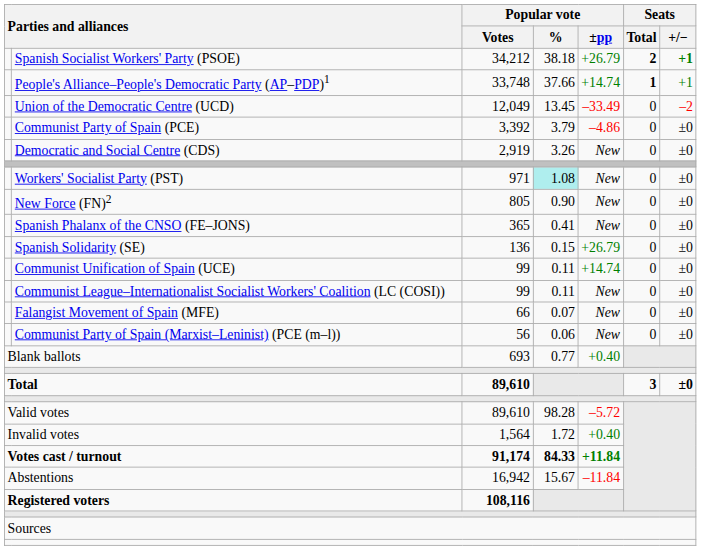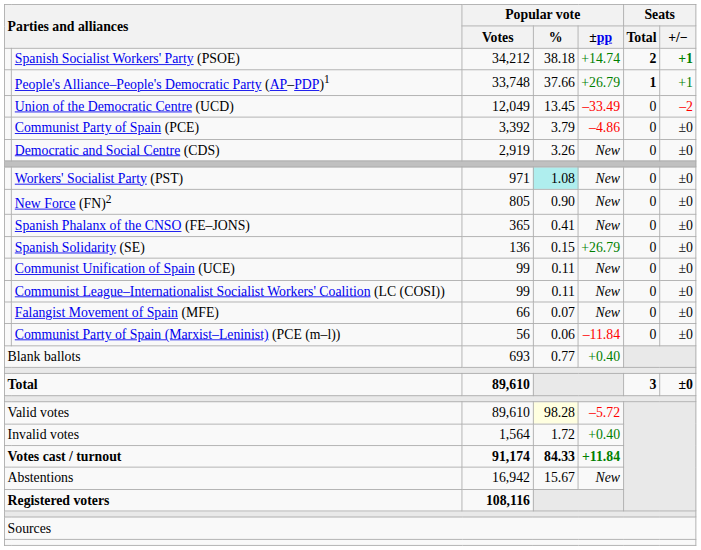 <table class="wikitable" style="text-align:right;">
 <tr>
 <th style="text-align:left;" rowspan="2" colspan="2" width="525">Parties and alliances</th>
 <th colspan="3">Popular vote</th>
 <th colspan="2">Seats</th>
 </tr>
 <tr>
 <th width="75">Votes</th>
 <th width="45">%</th>
 <th width="45">±<a href='#'>pp</a></th>
 <th width="35">Total</th>
 <th width="35">+/−</th>
 </tr>
 <tr>
 <td width="1" style="color:inherit;background:"></td>
 <td align="left"><a href='#'>Spanish Socialist Workers' Party</a> (PSOE)</td>
 <td>34,212</td>
 <td>38.18</td>
-<td style="color:green;">+26.79</td>
+<td style="color:green;">+14.74</td>
 <td><strong>2</strong></td>
 <td style="color:green;"><strong>+1</strong></td>
 </tr>
 <tr>
 <td style="color:inherit;background:"></td>
 <td align="left"><a href='#'>People's Alliance–People's Democratic Party</a> (<a href='#'>AP</a>–<a href='#'>PDP</a>)<sup>1</sup></td>
 <td>33,748</td>
 <td>37.66</td>
-<td style="color:green;">+14.74</td>
+<td style="color:green;">+26.79</td>
 <td><strong>1</strong></td>
 <td style="color:green;">+1</td>
 </tr>
 <tr>
 <td style="color:inherit;background:"></td>
 <td align="left"><a href='#'>Union of the Democratic Centre</a> (UCD)</td>
 <td>12,049</td>
 <td>13.45</td>
 <td style="color:red;">–33.49</td>
 <td>0</td>
 <td style="color:red;">–2</td>
 </tr>
 <tr>
 <td style="color:inherit;background:"></td>
 <td align="left"><a href='#'>Communist Party of Spain</a> (PCE)</td>
 <td>3,392</td>
 <td>3.79</td>
 <td style="color:red;">–4.86</td>
 <td>0</td>
 <td>±0</td>
 </tr>
 <tr>
 <td style="color:inherit;background:"></td>
 <td align="left"><a href='#'>Democratic and Social Centre</a> (CDS)</td>
 <td>2,919</td>
 <td>3.26</td>
 <td><em>New</em></td>
 <td>0</td>
 <td>±0</td>
 </tr>
 <tr>
 <td colspan="7" bgcolor="#C0C0C0"></td>
 </tr>
 <tr>
 <td style="color:inherit;background:"></td>
 <td align="left"><a href='#'>Workers' Socialist Party</a> (PST)</td>
 <td>971</td>
 <td style="background: paleturquoise;">1.08</td>
 <td><em>New</em></td>
 <td>0</td>
 <td>±0</td>
 </tr>
 <tr>
 <td style="color:inherit;background:"></td>
 <td align="left"><a href='#'>New Force</a> (FN)<sup>2</sup></td>
 <td>805</td>
 <td>0.90</td>
 <td><em>New</em></td>
 <td>0</td>
 <td>±0</td>
 </tr>
 <tr>
 <td style="color:inherit;background:"></td>
 <td align="left"><a href='#'>Spanish Phalanx of the CNSO</a> (FE–JONS)</td>
 <td>365</td>
 <td>0.41</td>
 <td><em>New</em></td>
 <td>0</td>
 <td>±0</td>
 </tr>
 <tr>
 <td style="color:inherit;background:"></td>
 <td align="left"><a href='#'>Spanish Solidarity</a> (SE)</td>
 <td>136</td>
 <td>0.15</td>
 <td style="color:green;">+26.79</td>
 <td>0</td>
 <td>±0</td>
 </tr>
 <tr>
 <td style="color:inherit;background:"></td>
 <td align="left"><a href='#'>Communist Unification of Spain</a> (UCE)</td>
 <td>99</td>
 <td>0.11</td>
-<td style="color:green;">+14.74</td>
+<td><em>New</em></td>
 <td>0</td>
 <td>±0</td>
 </tr>
 <tr>
 <td style="color:inherit;background:"></td>
 <td align="left"><a href='#'>Communist League–Internationalist Socialist Workers' Coalition</a> (LC (COSI))</td>
 <td>99</td>
 <td>0.11</td>
 <td><em>New</em></td>
 <td>0</td>
 <td>±0</td>
 </tr>
 <tr>
 <td style="color:inherit;background:"></td>
 <td align="left"><a href='#'>Falangist Movement of Spain</a> (MFE)</td>
 <td>66</td>
 <td>0.07</td>
 <td><em>New</em></td>
 <td>0</td>
 <td>±0</td>
 </tr>
 <tr>
 <td style="color:inherit;background:"></td>
 <td align="left"><a href='#'>Communist Party of Spain (Marxist–Leninist)</a> (PCE (m–l))</td>
 <td>56</td>
 <td>0.06</td>
-<td><em>New</em></td>
+<td style="color:red;">–11.84</td>
 <td>0</td>
 <td>±0</td>
 </tr>
 <tr>
 <td align="left" colspan="2">Blank ballots</td>
 <td>693</td>
 <td>0.77</td>
 <td style="color:green;">+0.40</td>
 <td bgcolor="#E9E9E9" colspan="2"></td>
 </tr>
 <tr>
 <td colspan="7" bgcolor="#E9E9E9"></td>
 </tr>
 <tr style="font-weight:bold;">
 <td align="left" colspan="2">Total</td>
 <td>89,610</td>
 <td bgcolor="#E9E9E9" colspan="2"></td>
 <td>3</td>
 <td>±0</td>
 </tr>
 <tr>
 <td colspan="7" bgcolor="#E9E9E9"></td>
 </tr>
 <tr>
 <td align="left" colspan="2">Valid votes</td>
 <td>89,610</td>
-<td>98.28</td>
+<td style="background: lightyellow;">98.28</td>
 <td style="color:red;">–5.72</td>
 <td bgcolor="#E9E9E9" colspan="2" rowspan="5"></td>
 </tr>
 <tr>
 <td align="left" colspan="2">Invalid votes</td>
 <td>1,564</td>
 <td>1.72</td>
 <td style="color:green;">+0.40</td>
 </tr>
 <tr style="font-weight:bold;">
 <td align="left" colspan="2">Votes cast / turnout</td>
 <td>91,174</td>
 <td>84.33</td>
 <td style="color:green;">+11.84</td>
 </tr>
 <tr>
 <td align="left" colspan="2">Abstentions</td>
 <td>16,942</td>
 <td>15.67</td>
-<td style="color:red;">–11.84</td>
+<td><em>New</em></td>
 </tr>
 <tr style="font-weight:bold;">
 <td align="left" colspan="2">Registered voters</td>
 <td>108,116</td>
 <td bgcolor="#E9E9E9" colspan="2"></td>
 </tr>
 <tr>
 <td colspan="7" bgcolor="#E9E9E9"></td>
 </tr>
 <tr>
 <td align="left" colspan="7">Sources</td>
 </tr>
 <tr>
 <td colspan="7" style="text-align:left; max-width:790px;"></td>
 </tr>
 </table>
